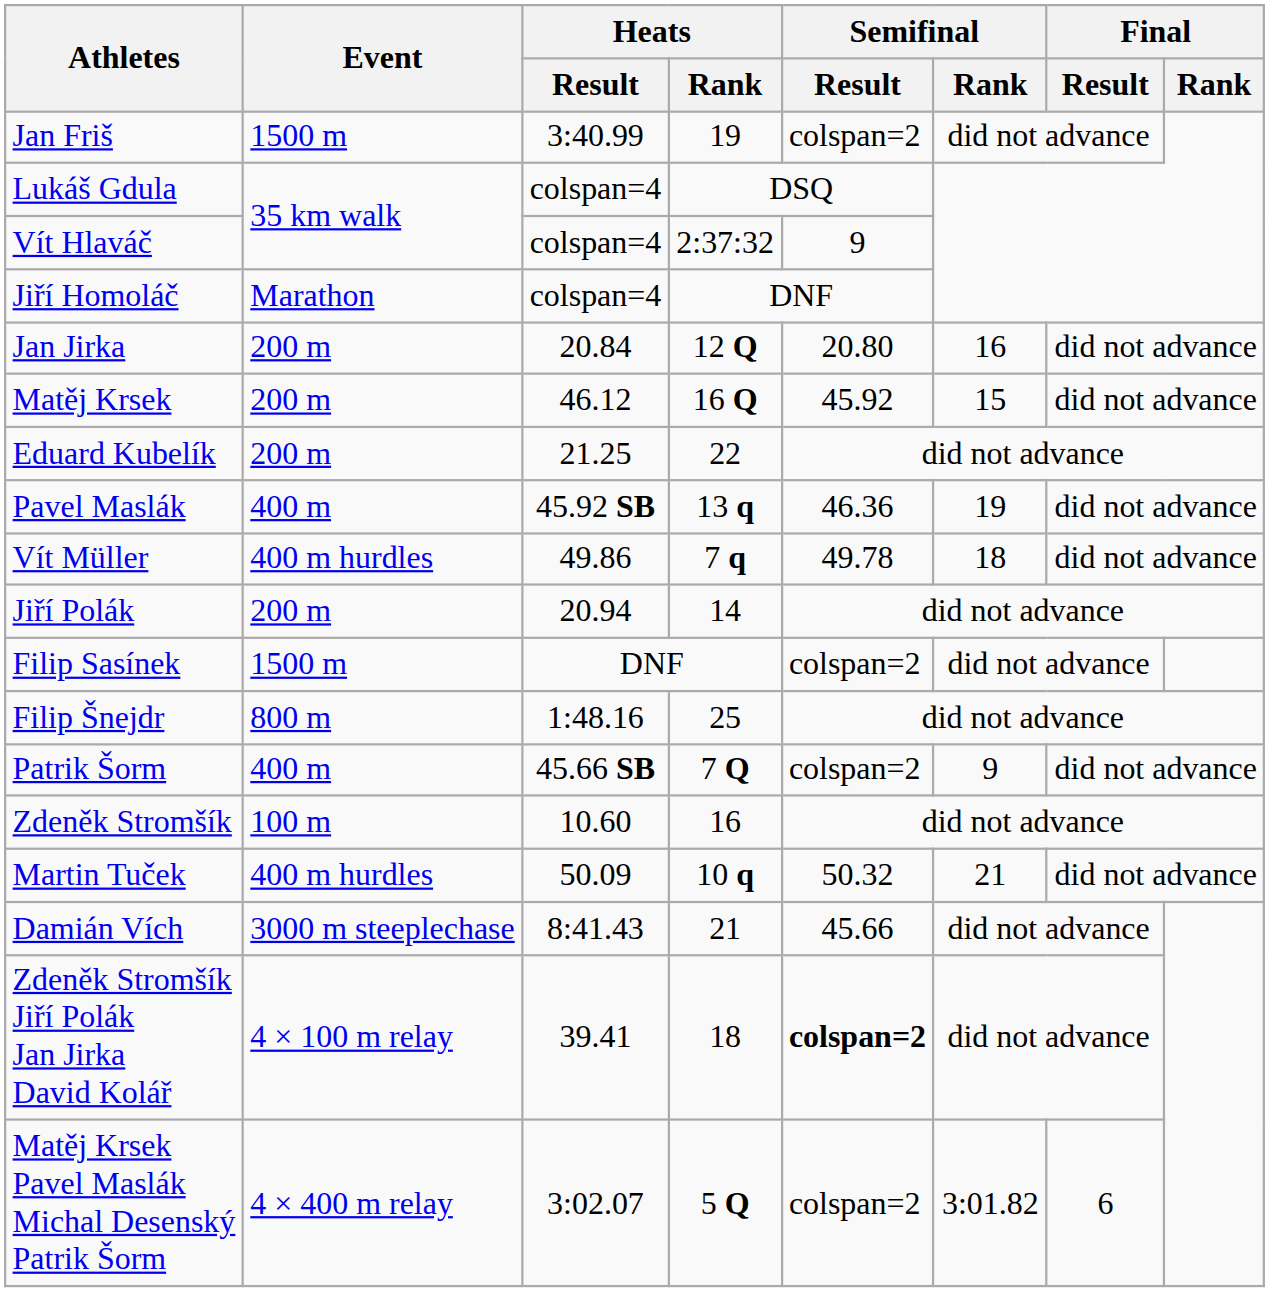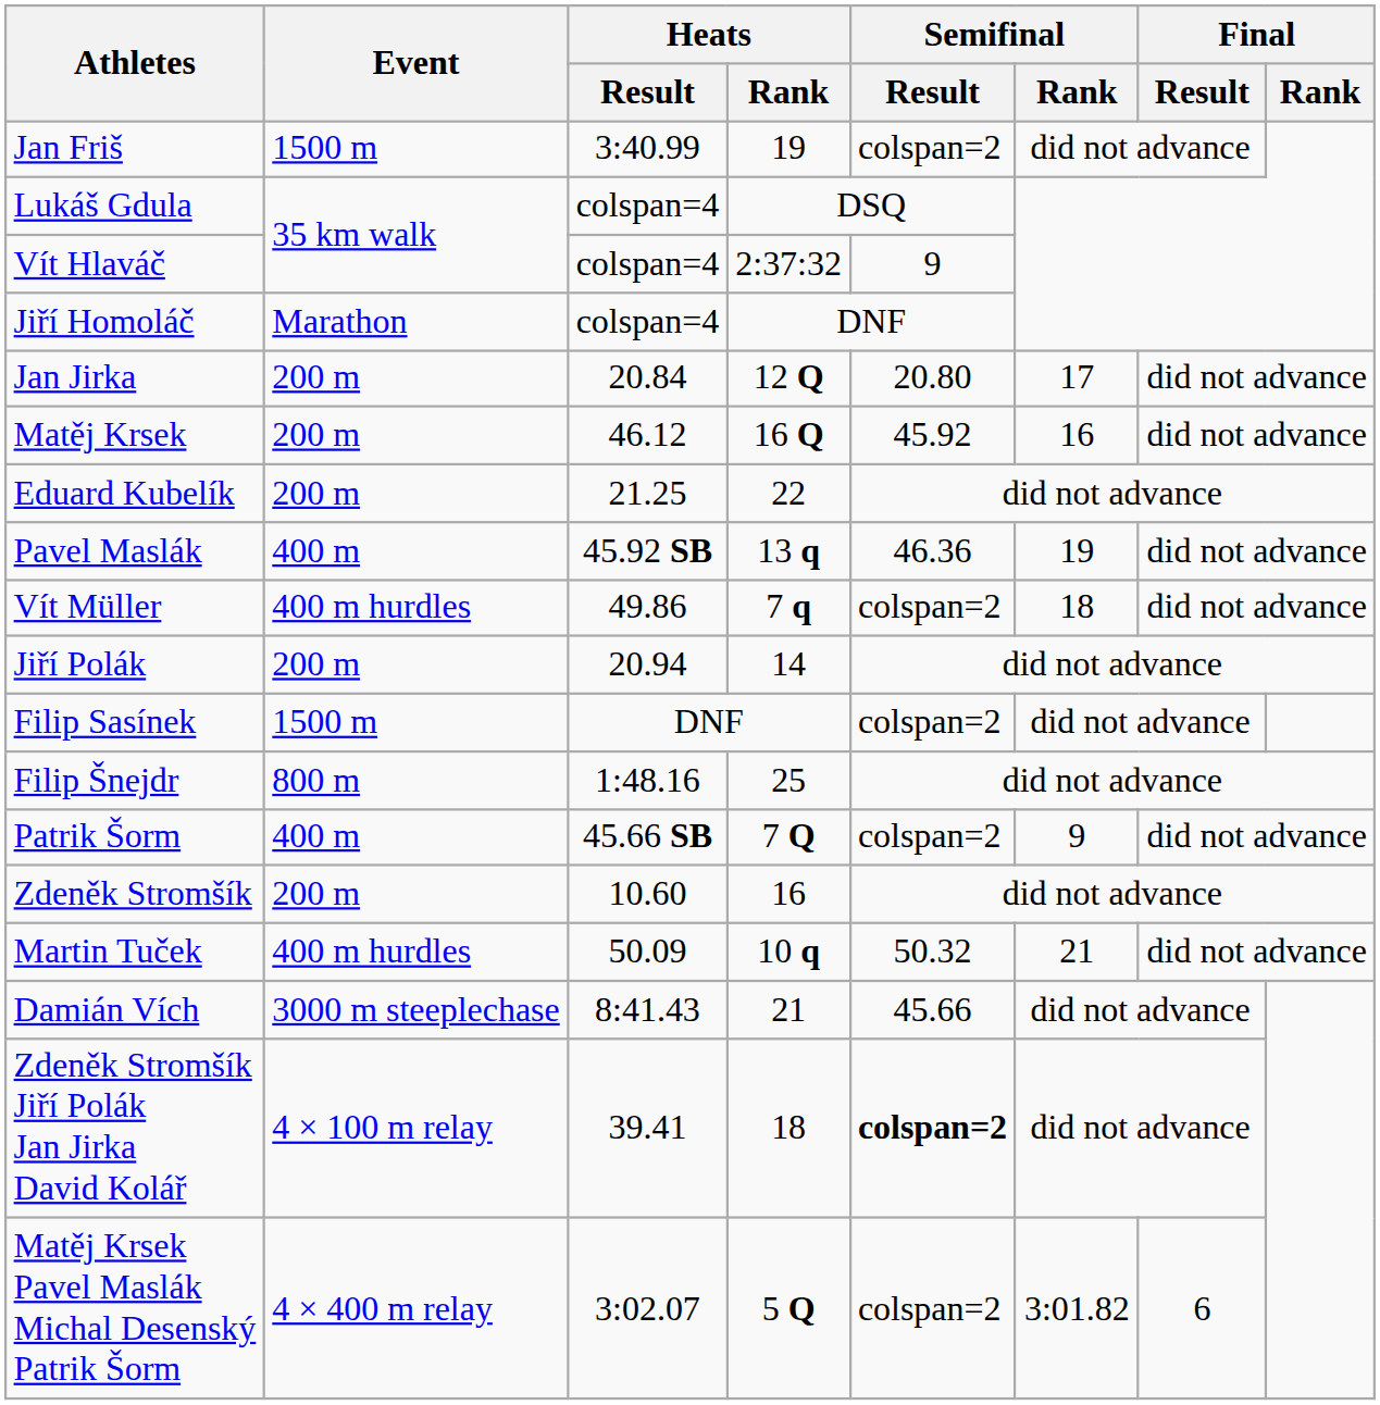 <table class="wikitable" border="1" style="font-size:90%">
 <tr>
 <th rowspan="2">Athletes</th>
 <th rowspan="2">Event</th>
 <th colspan="2">Heats</th>
 <th colspan="2">Semifinal</th>
 <th colspan="2">Final</th>
 </tr>
 <tr>
 <th>Result</th>
 <th>Rank</th>
 <th>Result</th>
 <th>Rank</th>
 <th>Result</th>
 <th>Rank</th>
 </tr>
 <tr>
 <td><a href='#'>Jan Friš</a></td>
 <td><a href='#'>1500 m</a></td>
 <td align=center>3:40.99</td>
 <td align=center>19</td>
 <td>colspan=2</td>
 <td align=center colspan=2>did not advance</td>
 </tr>
 <tr>
 <td><a href='#'>Lukáš Gdula</a></td>
 <td rowspan=2><a href='#'>35 km walk</a></td>
 <td>colspan=4</td>
 <td align=center colspan=2>DSQ</td>
 </tr>
 <tr>
 <td><a href='#'>Vít Hlaváč</a></td>
 <td>colspan=4</td>
 <td align=center>2:37:32</td>
 <td align=center>9</td>
 </tr>
 <tr>
 <td><a href='#'>Jiří Homoláč</a></td>
 <td><a href='#'>Marathon</a></td>
 <td>colspan=4</td>
 <td align=center colspan=2>DNF</td>
 </tr>
 <tr>
 <td><a href='#'>Jan Jirka</a></td>
 <td><a href='#'>200 m</a></td>
 <td align=center>20.84</td>
 <td align=center>12 <strong>Q</strong></td>
 <td align=center>20.80</td>
-<td align=center>16</td>
+<td align=center>17</td>
 <td align=center colspan=2>did not advance</td>
 </tr>
 <tr>
 <td><a href='#'>Matěj Krsek</a></td>
 <td><a href='#'>200 m</a></td>
 <td align=center>46.12</td>
 <td align=center>16 <strong>Q</strong></td>
 <td align=center>45.92</td>
-<td align=center>15</td>
+<td align=center>16</td>
 <td align=center colspan=2>did not advance</td>
 </tr>
 <tr>
 <td><a href='#'>Eduard Kubelík</a></td>
 <td><a href='#'>200 m</a></td>
 <td align=center>21.25</td>
 <td align=center>22</td>
 <td align=center colspan=4>did not advance</td>
 </tr>
 <tr>
 <td><a href='#'>Pavel Maslák</a></td>
 <td><a href='#'>400 m</a></td>
 <td align=center>45.92 <strong>SB</strong></td>
 <td align=center>13 <strong>q</strong></td>
 <td align=center>46.36</td>
 <td align=center>19</td>
 <td align=center colspan=2>did not advance</td>
 </tr>
 <tr>
 <td><a href='#'>Vít Müller</a></td>
 <td><a href='#'>400 m hurdles</a></td>
 <td align=center>49.86</td>
 <td align=center>7 <strong>q</strong></td>
-<td align=center>49.78</td>
+<td>colspan=2</td>
 <td align=center>18</td>
 <td align=center colspan=2>did not advance</td>
 </tr>
 <tr>
 <td><a href='#'>Jiří Polák</a></td>
 <td><a href='#'>200 m</a></td>
 <td align=center>20.94</td>
 <td align=center>14</td>
 <td align=center colspan=4>did not advance</td>
 </tr>
 <tr>
 <td><a href='#'>Filip Sasínek</a></td>
 <td><a href='#'>1500 m</a></td>
 <td align=center colspan=2>DNF</td>
 <td>colspan=2</td>
 <td align=center colspan=2>did not advance</td>
 </tr>
 <tr>
 <td><a href='#'>Filip Šnejdr</a></td>
 <td><a href='#'>800 m</a></td>
 <td align=center>1:48.16</td>
 <td align=center>25</td>
 <td align=center colspan=4>did not advance</td>
 </tr>
 <tr>
 <td><a href='#'>Patrik Šorm</a></td>
 <td><a href='#'>400 m</a></td>
 <td align=center>45.66 <strong>SB</strong></td>
 <td align=center>7 <strong>Q</strong></td>
 <td>colspan=2</td>
 <td align=center>9</td>
 <td align=center colspan=2>did not advance</td>
 </tr>
 <tr>
 <td><a href='#'>Zdeněk Stromšík</a></td>
-<td><a href='#'>100 m</a></td>
+<td><a href='#'>200 m</a></td>
 <td align=center>10.60</td>
 <td align=center>16</td>
 <td align=center colspan=4>did not advance</td>
 </tr>
 <tr>
 <td><a href='#'>Martin Tuček</a></td>
 <td><a href='#'>400 m hurdles</a></td>
 <td align=center>50.09</td>
 <td align=center>10 <strong>q</strong></td>
 <td align=center>50.32</td>
 <td align=center>21</td>
 <td align=center colspan=2>did not advance</td>
 </tr>
 <tr>
 <td><a href='#'>Damián Vích</a></td>
 <td><a href='#'>3000 m steeplechase</a></td>
 <td align=center>8:41.43</td>
 <td align=center>21</td>
 <td align=center>45.66</td>
 <td align=center colspan=2>did not advance</td>
 </tr>
 <tr>
 <td><a href='#'>Zdeněk Stromšík</a><br> <a href='#'>Jiří Polák</a><br> <a href='#'>Jan Jirka</a><br> <a href='#'>David Kolář</a></td>
 <td><a href='#'>4 × 100 m relay</a></td>
 <td align=center>39.41</td>
 <td align=center>18</td>
 <td><strong>colspan=2</strong></td>
 <td align=center colspan=2>did not advance</td>
 </tr>
 <tr>
 <td><a href='#'>Matěj Krsek</a><br> <a href='#'>Pavel Maslák</a><br> <a href='#'>Michal Desenský</a><br><a href='#'>Patrik Šorm</a></td>
 <td><a href='#'>4 × 400 m relay</a></td>
 <td align=center>3:02.07</td>
 <td align=center>5 <strong>Q</strong></td>
 <td>colspan=2</td>
 <td align=center>3:01.82</td>
 <td align=center>6</td>
 </tr>
 </table>
